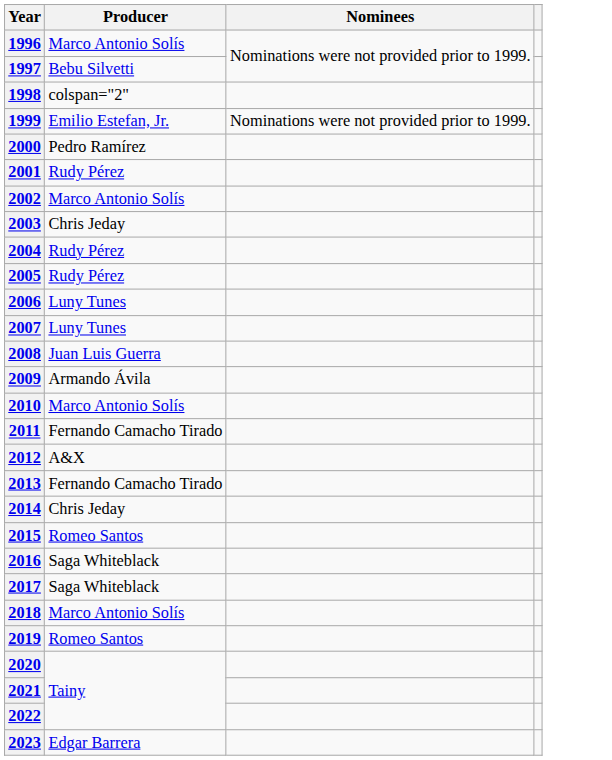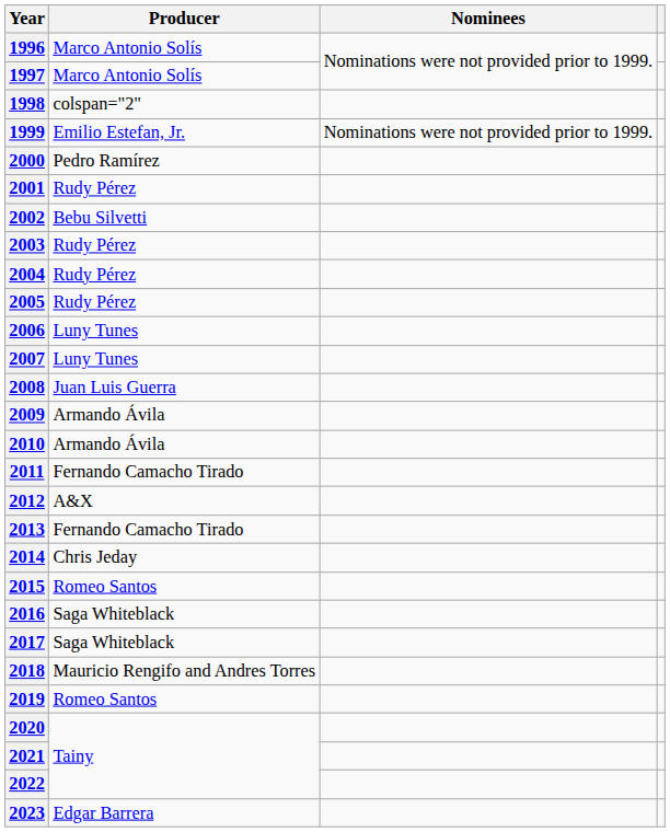 <table class="wikitable">
 <tr>
 <th>Year</th>
 <th>Producer</th>
 <th>Nominees</th>
 <th></th>
 </tr>
 <tr>
 <th scope="row"><a href='#'>1996</a></th>
 <td><a href='#'>Marco Antonio Solís</a></td>
 <td rowspan="2">Nominations were not provided prior to 1999.</td>
 <td></td>
 </tr>
 <tr>
 <th scope="row"><a href='#'>1997</a></th>
-<td><a href='#'>Bebu Silvetti</a></td>
+<td><a href='#'>Marco Antonio Solís</a></td>
 <td></td>
 </tr>
 <tr>
 <th scope="row"><a href='#'>1998</a></th>
 <td>colspan="2" </td>
 <td></td>
 </tr>
 <tr>
 <th scope="row"><a href='#'>1999</a></th>
 <td><a href='#'>Emilio Estefan, Jr.</a></td>
 <td>Nominations were not provided prior to 1999.</td>
 <td></td>
 </tr>
 <tr>
 <th scope="row"><a href='#'>2000</a></th>
 <td>Pedro Ramírez</td>
 <td></td>
 <td></td>
 </tr>
 <tr>
 <th scope="row"><a href='#'>2001</a></th>
 <td><a href='#'>Rudy Pérez</a></td>
 <td></td>
 <td></td>
 </tr>
 <tr>
 <th scope="row"><a href='#'>2002</a></th>
-<td><a href='#'>Marco Antonio Solís</a></td>
+<td><a href='#'>Bebu Silvetti</a></td>
 <td></td>
 <td></td>
 </tr>
 <tr>
 <th scope="row"><a href='#'>2003</a></th>
-<td>Chris Jeday</td>
+<td><a href='#'>Rudy Pérez</a></td>
 <td></td>
 <td><br></td>
 </tr>
 <tr>
 <th scope="row"><a href='#'>2004</a></th>
 <td><a href='#'>Rudy Pérez</a></td>
 <td></td>
 <td><br></td>
 </tr>
 <tr>
 <th scope="row"><a href='#'>2005</a></th>
 <td><a href='#'>Rudy Pérez</a></td>
 <td></td>
 <td><br></td>
 </tr>
 <tr>
 <th scope="row"><a href='#'>2006</a></th>
 <td><a href='#'>Luny Tunes</a></td>
 <td></td>
 <td><br></td>
 </tr>
 <tr>
 <th scope="row"><a href='#'>2007</a></th>
 <td><a href='#'>Luny Tunes</a></td>
 <td></td>
 <td><br></td>
 </tr>
 <tr>
 <th scope="row"><a href='#'>2008</a></th>
 <td><a href='#'>Juan Luis Guerra</a></td>
 <td></td>
 <td><br></td>
 </tr>
 <tr>
 <th scope="row"><a href='#'>2009</a></th>
 <td>Armando Ávila</td>
 <td></td>
 <td><br></td>
 </tr>
 <tr>
 <th scope="row"><a href='#'>2010</a></th>
-<td><a href='#'>Marco Antonio Solís</a></td>
+<td>Armando Ávila</td>
 <td></td>
 <td></td>
 </tr>
 <tr>
 <th scope="row"><a href='#'>2011</a></th>
 <td>Fernando Camacho Tirado</td>
 <td></td>
 <td><br></td>
 </tr>
 <tr>
 <th scope="row"><a href='#'>2012</a></th>
 <td>A&X</td>
 <td></td>
 <td><br></td>
 </tr>
 <tr>
 <th scope="row"><a href='#'>2013</a></th>
 <td>Fernando Camacho Tirado</td>
 <td></td>
 <td></td>
 </tr>
 <tr>
 <th scope="row"><a href='#'>2014</a></th>
 <td>Chris Jeday</td>
 <td></td>
 <td><br></td>
 </tr>
 <tr>
 <th scope="row"><a href='#'>2015</a></th>
 <td><a href='#'>Romeo Santos</a></td>
 <td></td>
 <td><br></td>
 </tr>
 <tr>
 <th scope="row"><a href='#'>2016</a></th>
 <td>Saga Whiteblack</td>
 <td></td>
 <td></td>
 </tr>
 <tr>
 <th scope="row"><a href='#'>2017</a></th>
 <td>Saga Whiteblack</td>
 <td></td>
 <td></td>
 </tr>
 <tr>
 <th scope="row"><a href='#'>2018</a></th>
-<td><a href='#'>Marco Antonio Solís</a></td>
+<td>Mauricio Rengifo and Andres Torres</td>
 <td></td>
 <td></td>
 </tr>
 <tr>
 <th scope="row"><a href='#'>2019</a></th>
 <td><a href='#'>Romeo Santos</a></td>
 <td></td>
 <td></td>
 </tr>
 <tr>
 <th scope="row"><a href='#'>2020</a></th>
 <td rowspan="3"><a href='#'>Tainy</a></td>
 <td></td>
 <td></td>
 </tr>
 <tr>
 <th scope="row"><a href='#'>2021</a></th>
 <td></td>
 <td></td>
 </tr>
 <tr>
 <th scope="row"><a href='#'>2022</a></th>
 <td></td>
 <td></td>
 </tr>
 <tr>
 <th scope="row"><a href='#'>2023</a></th>
 <td><a href='#'>Edgar Barrera</a></td>
 <td></td>
 <td></td>
 </tr>
 </table>
